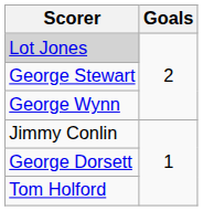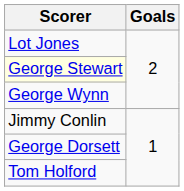 <table class="wikitable">
 <tr>
 <th>Scorer</th>
 <th>Goals</th>
 </tr>
 <tr>
-<td style="background: lightgrey;"> <a href='#'>Lot Jones</a></td>
+<td> <a href='#'>Lot Jones</a></td>
 <td rowspan="3" align=center>2</td>
 </tr>
 <tr>
-<td> <a href='#'>George Stewart</a></td>
+<td style="background: lightyellow;"> <a href='#'>George Stewart</a></td>
 </tr>
 <tr>
 <td> <a href='#'>George Wynn</a></td>
 </tr>
 <tr>
 <td>Jimmy Conlin</td>
 <td rowspan="3" align=center>1</td>
 </tr>
 <tr>
 <td> <a href='#'>George Dorsett</a></td>
 </tr>
 <tr>
 <td> <a href='#'>Tom Holford</a></td>
 </tr>
 </table>
